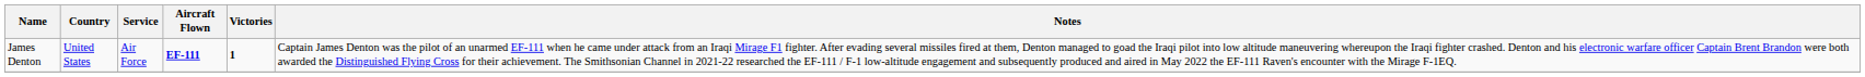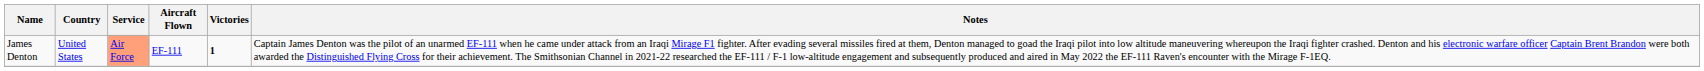 <table class=wikitable style="font-size: 9pt; text-align:left"                              Robin olds>
 <tr>
 <th>Name</th>
 <th>Country</th>
 <th>Service</th>
 <th>Aircraft Flown</th>
 <th>Victories</th>
 <th>Notes</th>
 </tr>
 <tr>
 <td>James Denton</td>
 <td> <a href='#'>United States</a></td>
-<td><a href='#'>Air Force</a></td>
-<td><strong><a href='#'>EF-111</a></strong></td>
+<td style="background: lightsalmon;"><a href='#'>Air Force</a></td>
+<td><a href='#'>EF-111</a></td>
 <td><strong>1</strong></td>
 <td>Captain James Denton was the pilot of an unarmed <a href='#'>EF-111</a> when he came under attack from an Iraqi <a href='#'>Mirage F1</a> fighter. After evading several missiles fired at them, Denton managed to goad the Iraqi pilot into low altitude maneuvering whereupon the Iraqi fighter crashed. Denton and his <a href='#'>electronic warfare officer</a> <a href='#'>Captain Brent Brandon</a> were both awarded the <a href='#'>Distinguished Flying Cross</a> for their achievement. The Smithsonian Channel in 2021-22 researched the EF-111 / F-1 low-altitude engagement and subsequently produced and aired in May 2022 the EF-111 Raven's encounter with the Mirage F-1EQ.</td>
 </tr>
 <tr>
 </tr>
 </table>
